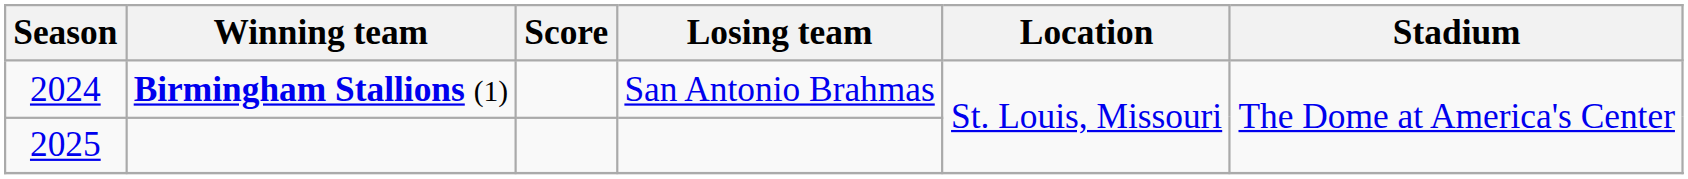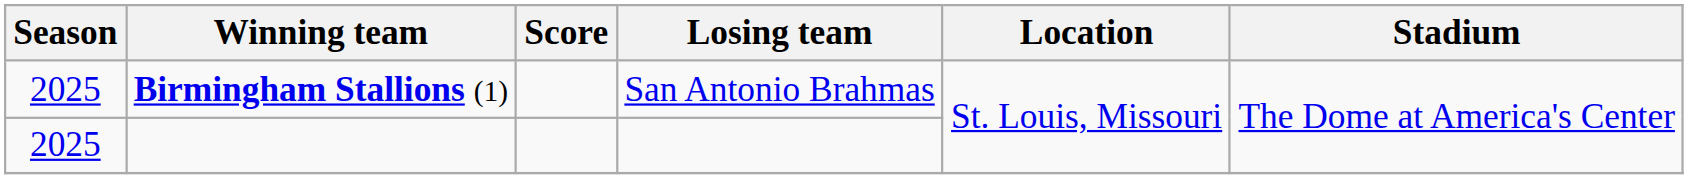 <table class="wikitable sortable">
 <tr style="background:#efefef;">
 <th>Season</th>
 <th>Winning team</th>
 <th>Score</th>
 <th>Losing team</th>
 <th>Location</th>
 <th>Stadium</th>
 </tr>
 <tr>
-<td align=center><a href='#'>2024</a></td>
+<td align=center><a href='#'>2025</a></td>
 <td><strong><a href='#'>Birmingham Stallions</a></strong> <small>(1)</small></td>
 <td></td>
 <td><a href='#'>San Antonio Brahmas</a></td>
 <td rowspan=2><a href='#'>St. Louis, Missouri</a></td>
 <td rowspan=2><a href='#'>The Dome at America's Center</a></td>
 </tr>
 <tr>
 <td align=center><a href='#'>2025</a></td>
 <td></td>
 <td></td>
 <td></td>
 </tr>
 <tr>
 </tr>
 </table>
